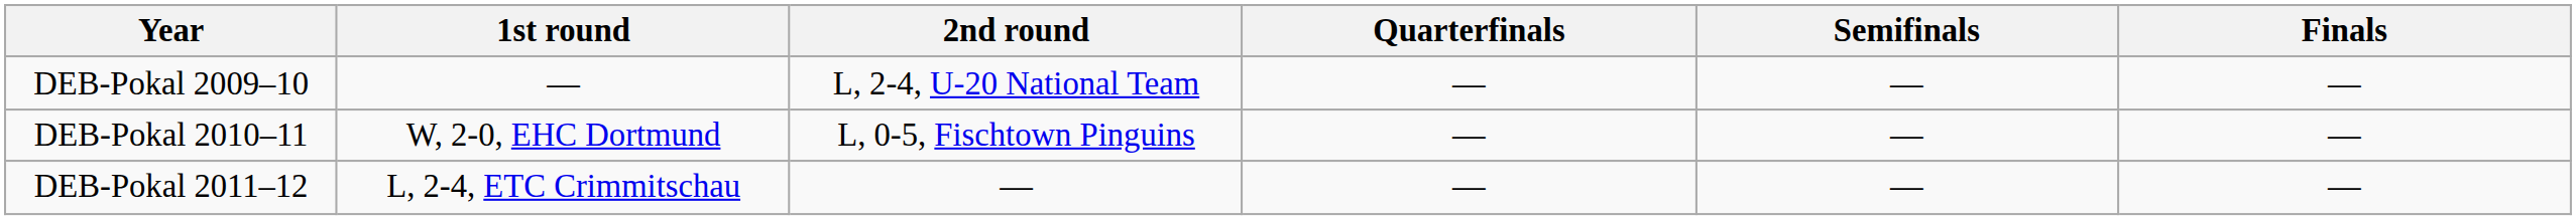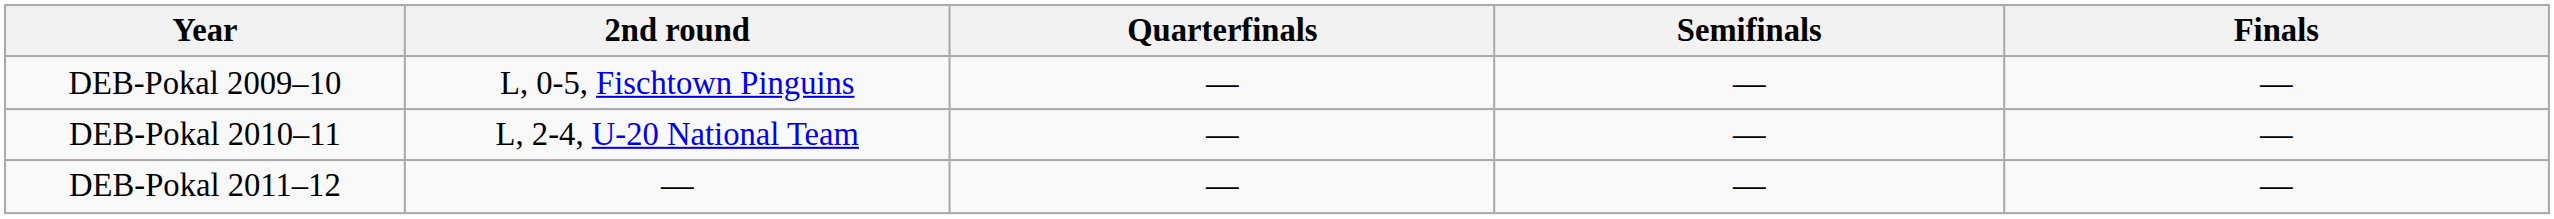 <table class="wikitable" style="text-align: center;" style="margin: 1em 1em 1em 0; background: #f9f9f9; border: 1px #aaa solid; border-collapse: collapse; width=85%">
 <tr>
 <th width=11%>Year</th>
-<th width=15%>1st round</th>
 <th width=15%>2nd round</th>
 <th width=15%>Quarterfinals</th>
 <th width=14%>Semifinals</th>
 <th width=15%>Finals</th>
 </tr>
 <tr>
 <td>DEB-Pokal 2009–10</td>
+<td>L, 0-5, <a href='#'>Fischtown Pinguins</a></td>
 <td>—</td>
+<td>—</td>
+<td>—</td>
+</tr>
+<tr>
+<td>DEB-Pokal 2010–11</td>
 <td>L, 2-4, <a href='#'>U-20 National Team</a></td>
 <td>—</td>
 <td>—</td>
 <td>—</td>
 </tr>
 <tr>
-<td>DEB-Pokal 2010–11</td>
-<td>W, 2-0, <a href='#'>EHC Dortmund</a></td>
-<td>L, 0-5, <a href='#'>Fischtown Pinguins</a></td>
-<td>—</td>
-<td>—</td>
-<td>—</td>
-</tr>
-<tr>
 <td>DEB-Pokal 2011–12</td>
-<td>L, 2-4, <a href='#'>ETC Crimmitschau</a></td>
 <td>—</td>
 <td>—</td>
 <td>—</td>
 <td>—</td>
 </tr>
 </table>
